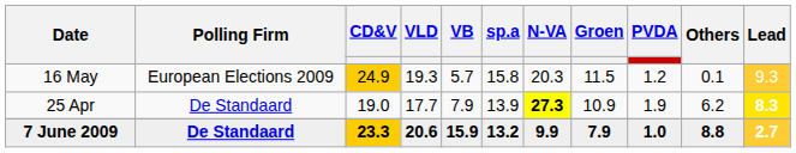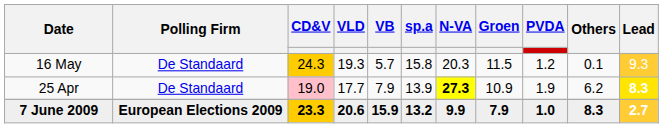 <table class="wikitable" style="text-align:center; font-size:85%; line-height:16px;">
 <tr style="height:42px;">
 <th style="width:100px;" rowspan="2">Date</th>
 <th style="width:165px;" rowspan="2">Polling Firm</th>
 <th><a href='#'><span>CD&V</span></a></th>
 <th><a href='#'><span>VLD</span></a></th>
 <th><a href='#'><span>VB</span></a></th>
 <th><a href='#'><span>sp.a</span></a></th>
 <th><a href='#'><span>N-VA</span></a></th>
 <th><a href='#'><span>Groen</span></a></th>
 <th><a href='#'><span>PVDA</span></a></th>
 <th style="width:40px;" rowspan="2">Others</th>
 <th style="width:20px;" rowspan="2">Lead</th>
 </tr>
 <tr>
 <th style="color:inherit;background:"></th>
 <th style="color:inherit;background:"></th>
 <th style="color:inherit;background:"></th>
 <th style="color:inherit;background:"></th>
 <th style="color:inherit;background:"></th>
 <th style="color:inherit;background:"></th>
 <th style="color:inherit;background:#CC0000; width:30px;"></th>
 </tr>
 <tr>
 <td>16 May</td>
-<td>European Elections 2009</td>
-<td style="background:#FFCC00">24.9</td>
+<td><a href='#'>De Standaard</a></td>
+<td style="background:#FFCC00">24.3</td>
 <td>19.3</td>
 <td>5.7</td>
 <td>15.8</td>
 <td>20.3</td>
 <td>11.5</td>
 <td>1.2</td>
 <td>0.1</td>
 <td style="background:#FFCC33; color:white;">9.3</td>
 </tr>
 <tr>
 <td>25 Apr</td>
 <td><a href='#'>De Standaard</a></td>
-<td>19.0</td>
+<td style="background: pink;">19.0</td>
 <td>17.7</td>
 <td>7.9</td>
 <td>13.9</td>
 <td style="background:#FFFF00"><strong>27.3</strong></td>
 <td>10.9</td>
 <td>1.9</td>
 <td>6.2</td>
 <td style="background:#FFE500; color:white;"><strong>8.3</strong></td>
 </tr>
 <tr>
 </tr>
 <tr style="background:#EFEFEF; font-weight:bold;">
 <td>7 June 2009</td>
-<td><a href='#'>De Standaard</a></td>
+<td>European Elections 2009</td>
 <td style="background:#FFCC00">23.3</td>
 <td>20.6</td>
 <td>15.9</td>
 <td>13.2</td>
 <td>9.9</td>
 <td>7.9</td>
 <td>1.0</td>
-<td>8.8</td>
+<td>8.3</td>
 <td style="background:#FFCC33; color:white;">2.7</td>
 </tr>
 </table>
